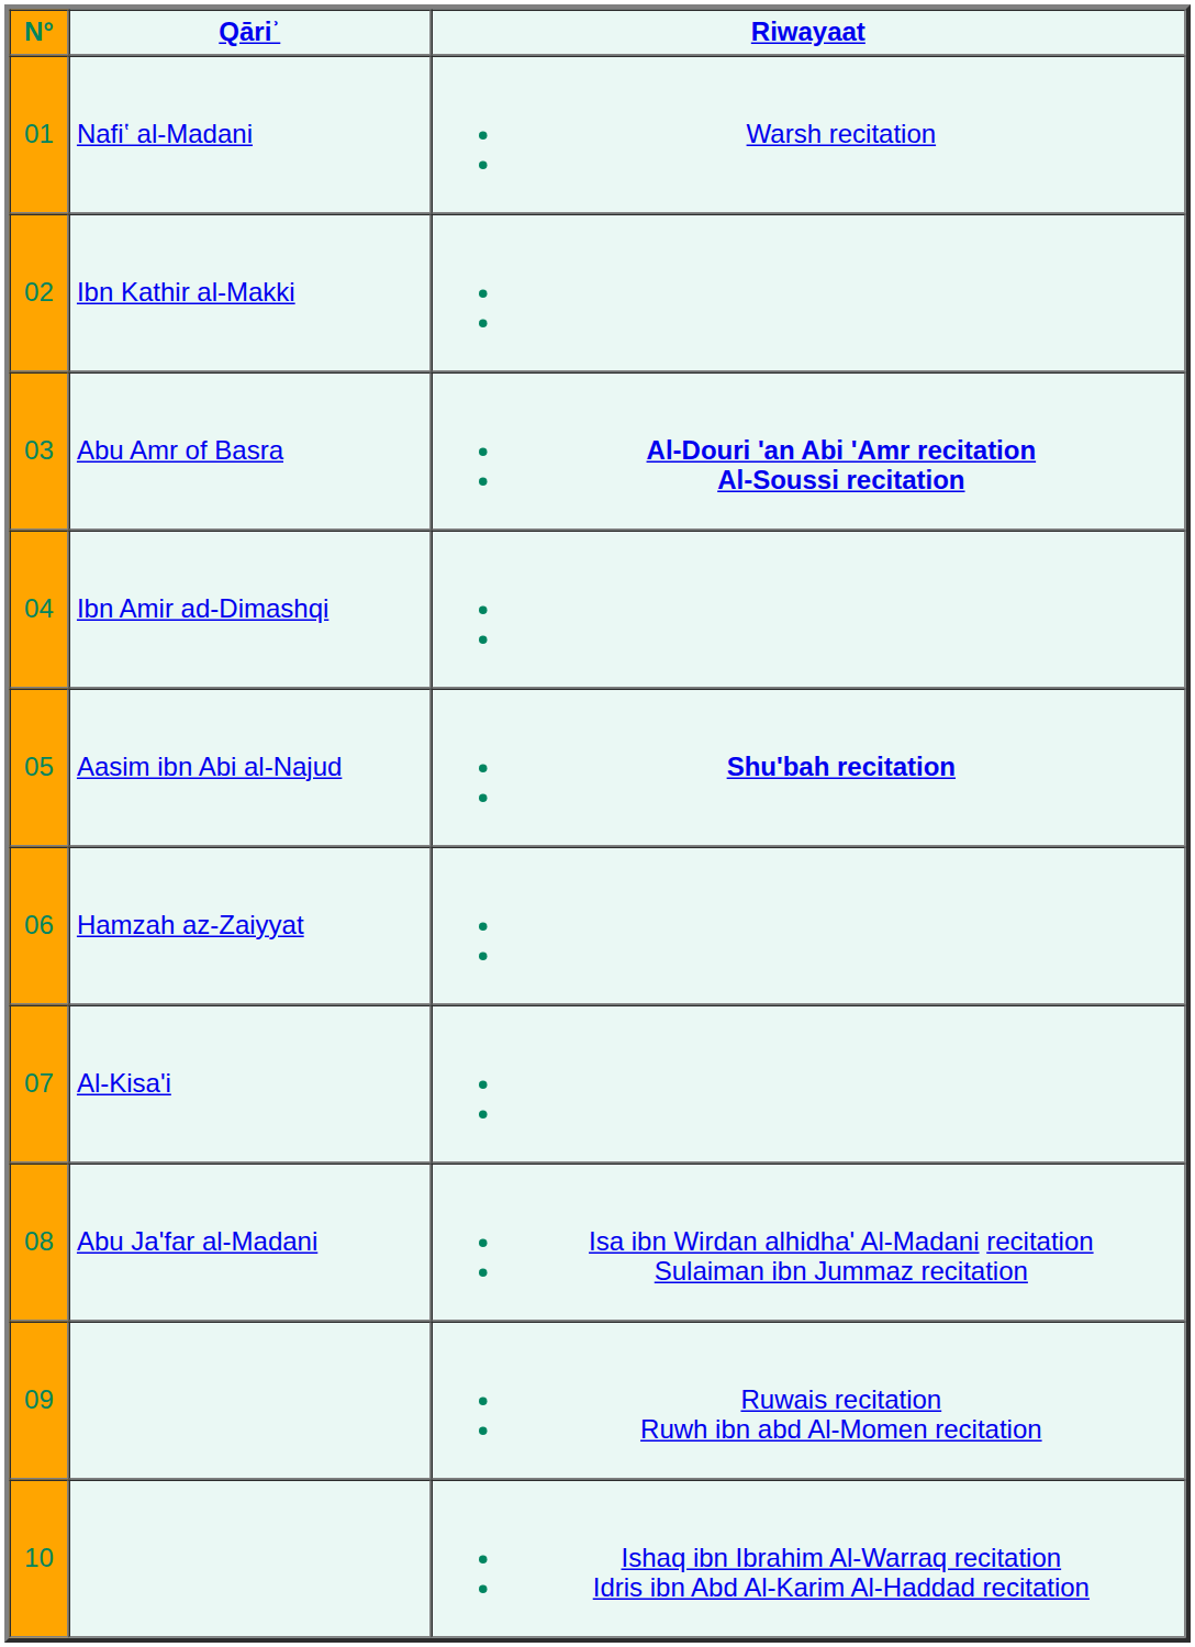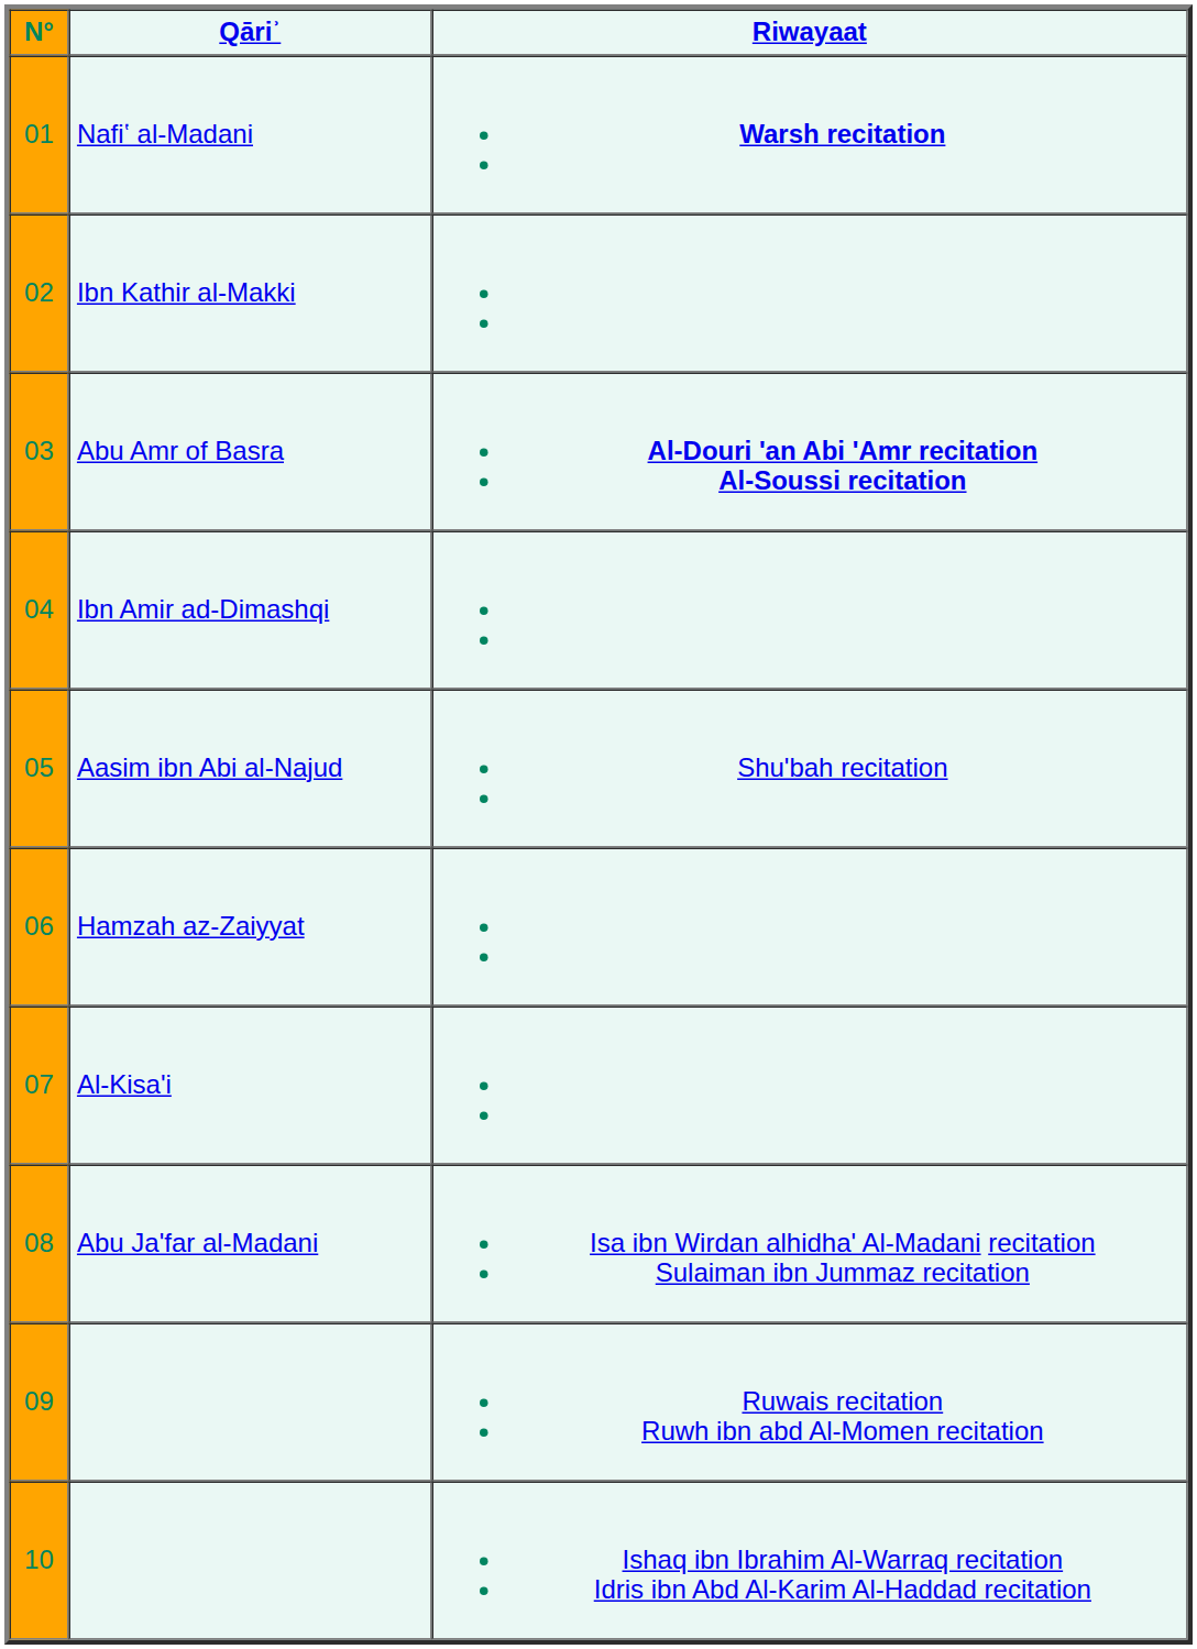 <table border="3" cellpadding="4" cellspacing="0"  style="margin:auto; width:720px; background:#eaf8f4; color:#008560; margin:auto;">
 <tr>
 <th style="text-align:center; background:Orange;">N°</th>
 <th align=center><a href='#'>Qāriʾ</a></th>
 <th align=center><a href='#'>Riwayaat</a></th>
 </tr>
 <tr>
 <td style="text-align:center; background:Orange;">01</td>
 <td><a href='#'>Nafiʽ al-Madani</a></td>
-<td align=center><br><ul><li><a href='#'>Warsh recitation</a></li><li></li></ul></td>
+<td align=center><strong><br><ul><li><a href='#'>Warsh recitation</a></li><li></li></ul></strong></td>
 </tr>
 <tr>
 <td style="text-align:center; background:Orange;">02</td>
 <td><a href='#'>Ibn Kathir al-Makki</a></td>
 <td align=center><br><ul><li></li><li></li></ul></td>
 </tr>
 <tr>
 <td style="text-align:center; background:Orange;">03</td>
 <td><a href='#'>Abu Amr of Basra</a></td>
 <td align=center><strong><br><ul><li><a href='#'>Al-Douri 'an Abi 'Amr recitation</a></li><li><a href='#'>Al-Soussi recitation</a></li></ul></strong></td>
 </tr>
 <tr>
 <td style="text-align:center; background:Orange;">04</td>
 <td><a href='#'>Ibn Amir ad-Dimashqi</a></td>
 <td align=center><br><ul><li></li><li></li></ul></td>
 </tr>
 <tr>
 <td style="text-align:center; background:Orange;">05</td>
 <td><a href='#'>Aasim ibn Abi al-Najud</a></td>
-<td align=center><strong><br><ul><li><a href='#'>Shu'bah recitation</a></li><li></li></ul></strong></td>
+<td align=center><br><ul><li><a href='#'>Shu'bah recitation</a></li><li></li></ul></td>
 </tr>
 <tr>
 <td style="text-align:center; background:Orange;">06</td>
 <td><a href='#'>Hamzah az-Zaiyyat</a></td>
 <td align=center><br><ul><li></li><li></li></ul></td>
 </tr>
 <tr>
 <td style="text-align:center; background:Orange;">07</td>
 <td><a href='#'>Al-Kisa'i</a></td>
 <td align=center><br><ul><li></li><li></li></ul></td>
 </tr>
 <tr>
 <td style="text-align:center; background:Orange;">08</td>
 <td><a href='#'>Abu Ja'far al-Madani</a></td>
 <td align=center><br><ul><li><a href='#'>Isa ibn Wirdan alhidha' Al-Madani</a> <a href='#'>recitation</a></li><li><a href='#'>Sulaiman ibn Jummaz recitation</a></li></ul></td>
 </tr>
 <tr>
 <td style="text-align:center; background:Orange;">09</td>
 <td></td>
 <td align=center><br><ul><li><a href='#'>Ruwais recitation</a></li><li><a href='#'>Ruwh ibn abd Al-Momen recitation</a></li></ul></td>
 </tr>
 <tr>
 <td style="text-align:center; background:Orange;">10</td>
 <td></td>
 <td align=center><br><ul><li><a href='#'>Ishaq ibn Ibrahim Al-Warraq recitation</a></li><li><a href='#'>Idris ibn Abd Al-Karim Al-Haddad recitation</a></li></ul></td>
 </tr>
 </table>
